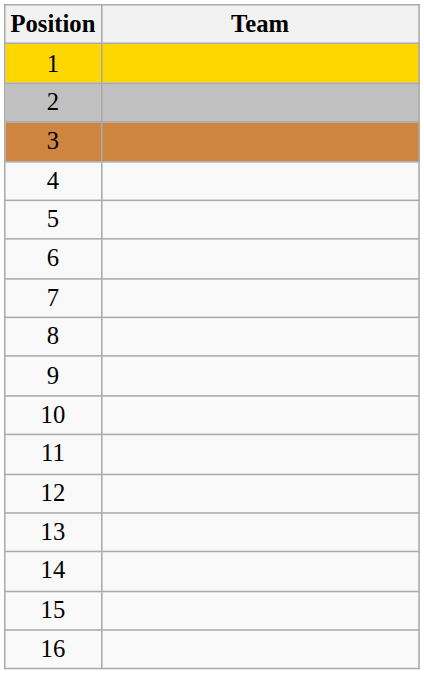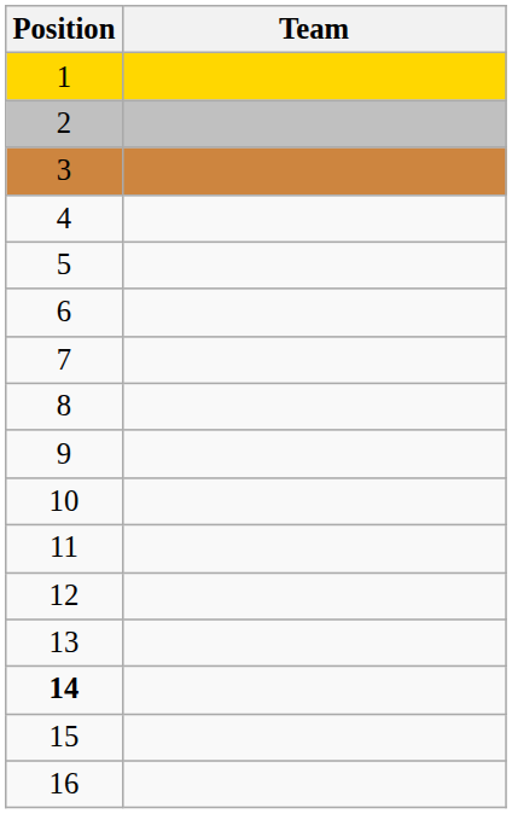 <table class="wikitable" style="width:270px;">
 <tr>
 <th width=30>Position</th>
 <th width=200>Team</th>
 </tr>
 <tr style="background:gold;">
 <td align=center>1</td>
 <td></td>
 </tr>
 <tr style="background:silver;">
 <td align=center>2</td>
 <td></td>
 </tr>
 <tr style="background:peru;">
 <td align=center>3</td>
 <td></td>
 </tr>
 <tr>
 <td align=center>4</td>
 <td></td>
 </tr>
 <tr>
 <td align=center>5</td>
 <td></td>
 </tr>
 <tr>
 <td align=center>6</td>
 <td></td>
 </tr>
 <tr>
 <td align=center>7</td>
 <td></td>
 </tr>
 <tr>
 <td align=center>8</td>
 <td></td>
 </tr>
 <tr>
 <td align=center>9</td>
 <td></td>
 </tr>
 <tr>
 <td align=center>10</td>
 <td></td>
 </tr>
 <tr>
 <td align=center>11</td>
 <td></td>
 </tr>
 <tr>
 <td align=center>12</td>
 <td></td>
 </tr>
 <tr>
 <td align=center>13</td>
 <td></td>
 </tr>
 <tr>
-<td align=center>14</td>
+<td align=center><strong>14</strong></td>
 <td></td>
 </tr>
 <tr>
 <td align=center>15</td>
 <td></td>
 </tr>
 <tr>
 <td align=center>16</td>
 <td></td>
 </tr>
 </table>
